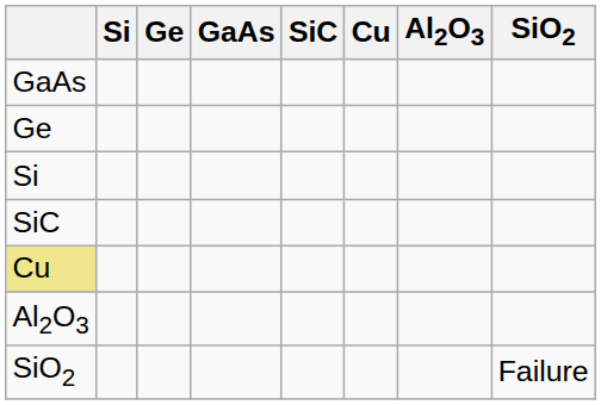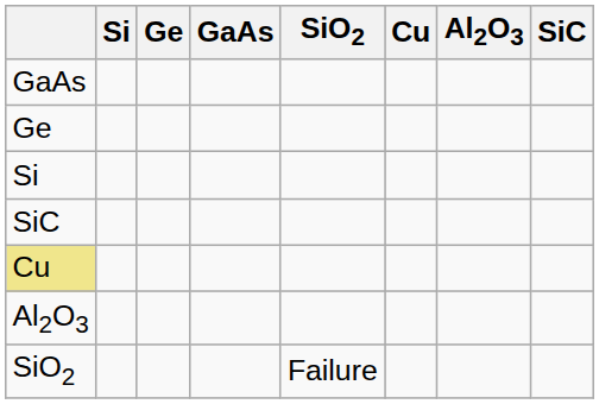 <table class="wikitable">
 <tr>
 <th></th>
 <th>Si</th>
 <th>Ge</th>
 <th>GaAs</th>
-<th>SiC</th>
+<th>SiO<sub>2</sub></th>
 <th>Cu</th>
 <th>Al<sub>2</sub>O<sub>3</sub></th>
-<th>SiO<sub>2</sub></th>
+<th>SiC</th>
 </tr>
 <tr>
 <td>GaAs</td>
 <td></td>
 <td></td>
 <td></td>
 <td></td>
 <td></td>
 <td></td>
 <td></td>
 </tr>
 <tr>
 <td>Ge</td>
 <td></td>
 <td></td>
 <td></td>
 <td></td>
 <td></td>
 <td></td>
 <td></td>
 </tr>
 <tr>
 <td>Si</td>
 <td></td>
 <td></td>
 <td></td>
 <td></td>
 <td></td>
 <td></td>
 <td></td>
 </tr>
 <tr>
 <td>SiC</td>
 <td></td>
 <td></td>
 <td></td>
 <td></td>
 <td></td>
 <td></td>
 <td></td>
 </tr>
 <tr>
 <td style="background: khaki;">Cu</td>
 <td></td>
 <td></td>
 <td></td>
 <td></td>
 <td></td>
 <td></td>
 <td></td>
 </tr>
 <tr>
 <td>Al<sub>2</sub>O<sub>3</sub></td>
 <td></td>
 <td></td>
 <td></td>
 <td></td>
 <td></td>
 <td></td>
 <td></td>
 </tr>
 <tr>
 <td>SiO<sub>2</sub></td>
 <td></td>
 <td></td>
 <td></td>
+<td>Failure</td>
 <td></td>
 <td></td>
 <td></td>
-<td>Failure</td>
 </tr>
 </table>
